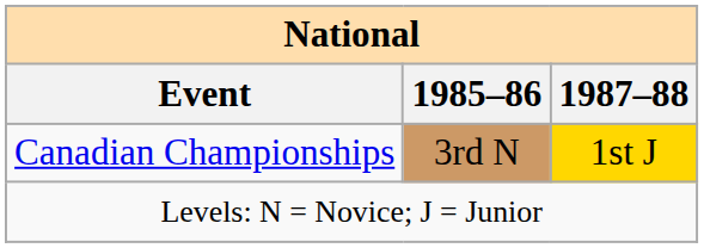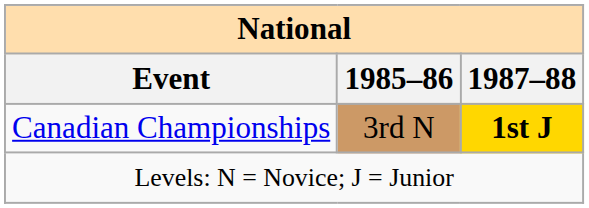 <table class="wikitable" style="text-align:center">
 <tr>
 <th style="background-color: #ffdead; " colspan=3 align=center>National</th>
 </tr>
 <tr>
 <th>Event</th>
 <th>1985–86</th>
 <th>1987–88</th>
 </tr>
 <tr>
 <td align=left><a href='#'>Canadian Championships</a></td>
 <td bgcolor=cc9966>3rd N</td>
-<td bgcolor=gold>1st J</td>
+<td bgcolor=gold><strong>1st J</strong></td>
 </tr>
 <tr>
 <td colspan=3 align=center><small> Levels: N = Novice; J = Junior </small></td>
 </tr>
 </table>
